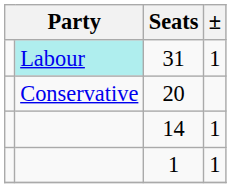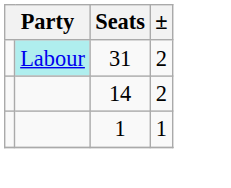 <table class="sortable wikitable">
 <tr>
 <th colspan="2">Party</th>
 <th>Seats</th>
 <th>±</th>
 </tr>
 <tr>
 <td style="background-color: "></td>
 <td style="background: paleturquoise;"><a href='#'>Labour</a></td>
 <td align="center">31</td>
-<td align="center">1</td>
-</tr>
-<tr>
-<td style="background-color: "></td>
-<td><a href='#'>Conservative</a></td>
-<td align="center">20</td>
-<td align="center"></td>
+<td align="center">2</td>
 </tr>
 <tr>
 <td style="background-color: "></td>
 <td><a href='#'></a></td>
 <td align="center">14</td>
-<td align="center">1</td>
+<td align="center">2</td>
 </tr>
 <tr>
 <td style="background-color: "></td>
 <td><a href='#'></a></td>
 <td align="center">1</td>
 <td align="center">1</td>
 </tr>
 <tr>
 </tr>
 </table>
